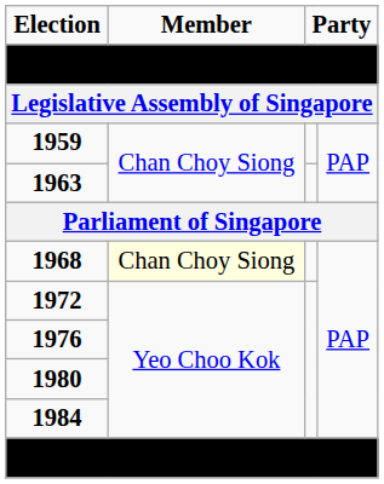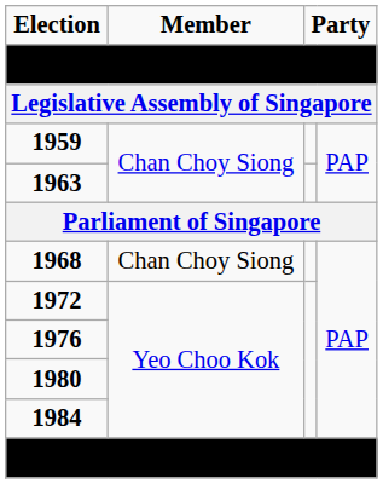 <table class="wikitable" align="center" style="text-align:center">
 <tr>
 <td><strong>Election </strong></td>
 <td><strong>Member</strong></td>
 <td colspan="2"><strong>Party</strong></td>
 </tr>
 <tr>
 <td colspan=4 bgcolor=black><span><strong>Formation</strong></span></td>
 </tr>
 <tr>
 <th colspan="4"><a href='#'>Legislative Assembly of Singapore</a></th>
 </tr>
 <tr>
 <td><strong>1959</strong></td>
 <td rowspan="2"><a href='#'>Chan Choy Siong</a></td>
 <td></td>
 <td rowspan="2"><a href='#'>PAP</a></td>
 </tr>
 <tr>
 <td><strong>1963</strong></td>
 </tr>
 <tr>
 <th colspan="4"><a href='#'>Parliament of Singapore</a></th>
 </tr>
 <tr>
 <td><strong>1968</strong></td>
-<td style="background: lightyellow;">Chan Choy Siong</td>
+<td>Chan Choy Siong</td>
 <td></td>
 <td rowspan="5"><a href='#'>PAP</a></td>
 </tr>
 <tr>
 <td><strong>1972</strong></td>
 <td rowspan="4"><a href='#'>Yeo Choo Kok</a></td>
 </tr>
 <tr>
 <td><strong>1976</strong></td>
 </tr>
 <tr>
 <td><strong>1980</strong></td>
 </tr>
 <tr>
 <td><strong>1984</strong></td>
 </tr>
 <tr>
 <td colspan=4 bgcolor=black><span><strong>Constituency abolished (1988)</strong></span></td>
 </tr>
 </table>
